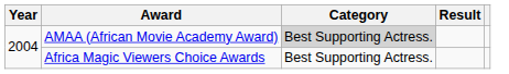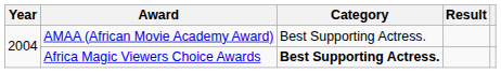 <table class="wikitable sortable">
 <tr>
 <th>Year</th>
 <th>Award</th>
 <th>Category</th>
 <th>Result</th>
 <th class="unsortable"></th>
 </tr>
 <tr>
 <td rowspan="2">2004</td>
 <td><a href='#'>AMAA (African Movie Academy Award)</a></td>
-<td style="background: lightgrey;">Best Supporting Actress.</td>
+<td>Best Supporting Actress.</td>
 <td></td>
 <td style="text-align:center;"></td>
 </tr>
 <tr>
 <td><a href='#'>Africa Magic Viewers Choice Awards</a></td>
-<td>Best Supporting Actress.</td>
+<td><strong>Best Supporting Actress.</strong></td>
 <td></td>
 <td style="text-align:center;"></td>
 </tr>
 </table>
